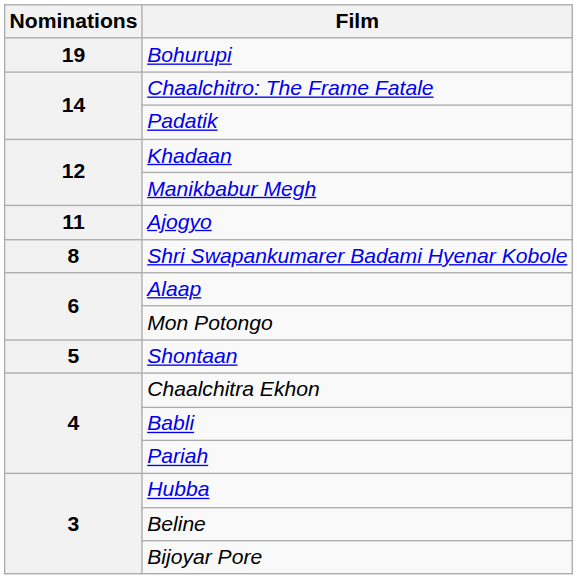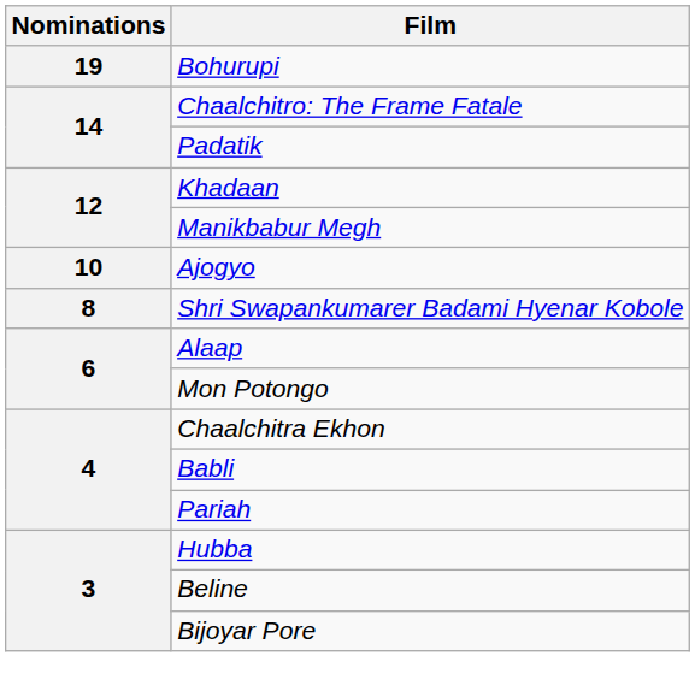 <table class="wikitable" style="display:inline-table;">
 <tr>
 <th>Nominations</th>
 <th>Film</th>
 </tr>
 <tr>
 <th>19</th>
 <td><em><a href='#'>Bohurupi</a></em></td>
 </tr>
 <tr>
 <th rowspan="2">14</th>
 <td><em><a href='#'>Chaalchitro: The Frame Fatale</a></em></td>
 </tr>
 <tr>
 <td><em><a href='#'>Padatik</a></em></td>
 </tr>
 <tr>
 <th rowspan="2">12</th>
 <td><em><a href='#'>Khadaan</a></em></td>
 </tr>
 <tr>
 <td><em><a href='#'>Manikbabur Megh</a></em></td>
 </tr>
 <tr>
-<th>11</th>
+<th>10</th>
 <td><em><a href='#'>Ajogyo</a></em></td>
 </tr>
 <tr>
 <th>8</th>
 <td><em><a href='#'>Shri Swapankumarer Badami Hyenar Kobole</a></em></td>
 </tr>
 <tr>
 <th rowspan="2">6</th>
 <td><em><a href='#'>Alaap</a></em></td>
 </tr>
 <tr>
 <td><em>Mon Potongo</em></td>
-</tr>
-<tr>
-<th>5</th>
-<td><em><a href='#'>Shontaan</a></em></td>
 </tr>
 <tr>
 <th rowspan="3">4</th>
 <td><em>Chaalchitra Ekhon</em></td>
 </tr>
 <tr>
 <td><em><a href='#'>Babli</a></em></td>
 </tr>
 <tr>
 <td><em><a href='#'>Pariah</a></em></td>
 </tr>
 <tr>
 <th rowspan="3">3</th>
 <td><em><a href='#'>Hubba</a></em></td>
 </tr>
 <tr>
 <td><em>Beline</em></td>
 </tr>
 <tr>
 <td><em>Bijoyar Pore</em></td>
 </tr>
 </table>
